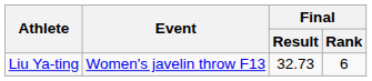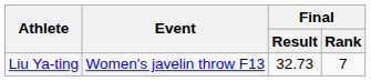 <table class=wikitable style="font-size:90%; text=align:center">
 <tr>
 <th rowspan="2">Athlete</th>
 <th rowspan="2">Event</th>
 <th colspan="2">Final</th>
 </tr>
 <tr>
 <th>Result</th>
 <th>Rank</th>
 </tr>
 <tr>
 <td align="left"><a href='#'>Liu Ya-ting</a></td>
 <td align="left"><a href='#'>Women's javelin throw F13</a></td>
 <td align="center">32.73</td>
-<td align="center">6</td>
+<td align="center">7</td>
 </tr>
 </table>
